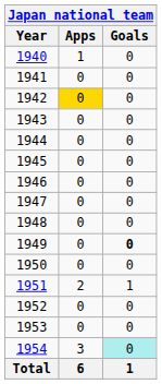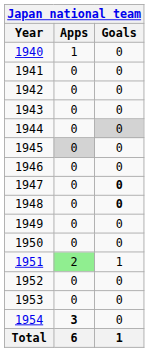 <table class="wikitable" style="text-align:center">
 <tr>
 <th colspan=3><a href='#'>Japan national team</a></th>
 </tr>
 <tr>
 <th>Year</th>
 <th>Apps</th>
 <th>Goals</th>
 </tr>
 <tr>
 <td><a href='#'>1940</a></td>
 <td>1</td>
 <td>0</td>
 </tr>
 <tr>
 <td>1941</td>
 <td>0</td>
 <td>0</td>
 </tr>
 <tr>
 <td>1942</td>
-<td style="background: gold;">0</td>
+<td>0</td>
 <td>0</td>
 </tr>
 <tr>
 <td>1943</td>
 <td>0</td>
 <td>0</td>
 </tr>
 <tr>
 <td>1944</td>
 <td>0</td>
-<td>0</td>
+<td style="background: lightgrey;">0</td>
 </tr>
 <tr>
 <td>1945</td>
-<td>0</td>
+<td style="background: lightgrey;">0</td>
 <td>0</td>
 </tr>
 <tr>
 <td>1946</td>
 <td>0</td>
 <td>0</td>
 </tr>
 <tr>
 <td>1947</td>
 <td>0</td>
-<td>0</td>
+<td><strong>0</strong></td>
 </tr>
 <tr>
 <td>1948</td>
 <td>0</td>
-<td>0</td>
+<td><strong>0</strong></td>
 </tr>
 <tr>
 <td>1949</td>
 <td>0</td>
-<td><strong>0</strong></td>
+<td>0</td>
 </tr>
 <tr>
 <td>1950</td>
 <td>0</td>
 <td>0</td>
 </tr>
 <tr>
 <td><a href='#'>1951</a></td>
-<td>2</td>
+<td style="background: lightgreen;">2</td>
 <td>1</td>
 </tr>
 <tr>
 <td>1952</td>
 <td>0</td>
 <td>0</td>
 </tr>
 <tr>
 <td>1953</td>
 <td>0</td>
 <td>0</td>
 </tr>
 <tr>
 <td><a href='#'>1954</a></td>
-<td>3</td>
-<td style="background: paleturquoise;">0</td>
+<td><strong>3</strong></td>
+<td>0</td>
 </tr>
 <tr>
 <th>Total</th>
 <th>6</th>
 <th>1</th>
 </tr>
 </table>
